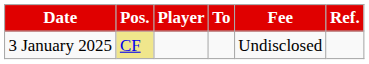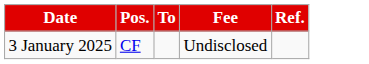 <table class="wikitable plainrowheaders sortable">
 <tr>
 <th style="background:#E00000; color:#ffffff; ">Date</th>
 <th style="background:#E00000; color:#ffffff; ">Pos.</th>
-<th style="background:#E00000; color:#ffffff; ">Player</th>
 <th style="background:#E00000; color:#ffffff; ">To</th>
 <th style="background:#E00000; color:#ffffff; ">Fee</th>
 <th style="background:#E00000; color:#ffffff; ">Ref.</th>
 </tr>
 <tr>
 <td>3 January 2025</td>
-<td style="background: khaki;"><a href='#'>CF</a></td>
-<td></td>
+<td><a href='#'>CF</a></td>
 <td></td>
 <td>Undisclosed</td>
 <td></td>
 </tr>
 </table>
